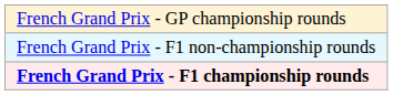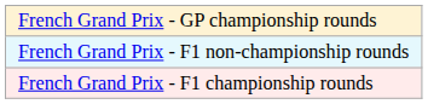 <table class=wikitable>
 <tr style="background:#fef3d4;">
 <td style="padding-left:10px;padding-right: 10px"><a href='#'>French Grand Prix</a> - GP championship rounds</td>
 </tr>
 <tr style="background:#e5f8fd;">
 <td style="padding-left: 10px;padding-right: 10px"><a href='#'>French Grand Prix</a> - F1 non-championship rounds</td>
 </tr>
 <tr style="background:#ffebeb;">
-<td style="padding-left: 10px;padding-right: 10px"><strong><a href='#'>French Grand Prix</a> - F1 championship rounds</strong></td>
+<td style="padding-left: 10px;padding-right: 10px"><a href='#'>French Grand Prix</a> - F1 championship rounds</td>
 </tr>
 </table>
